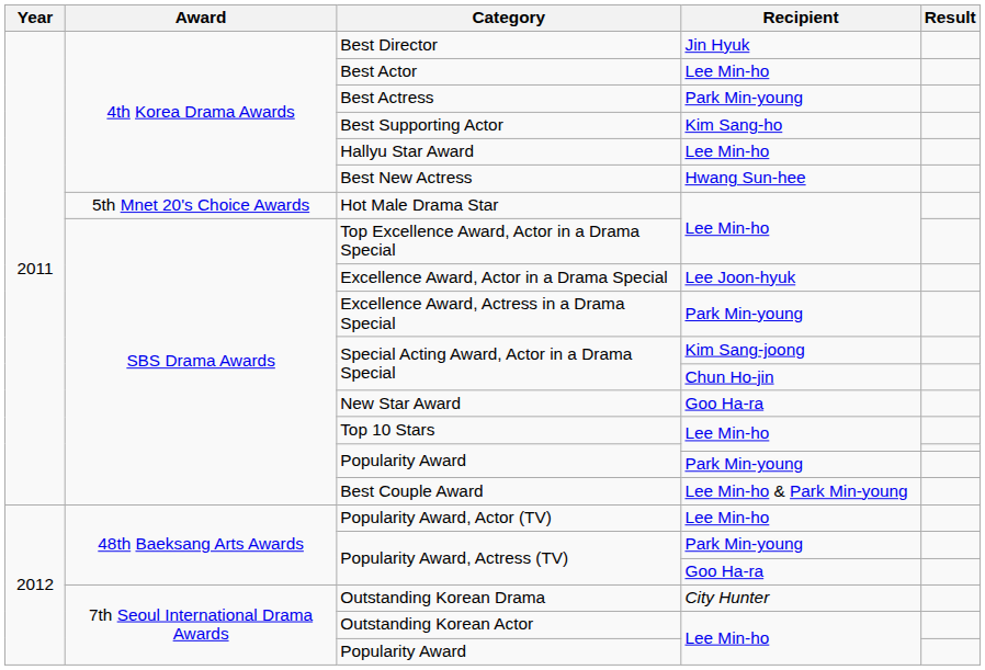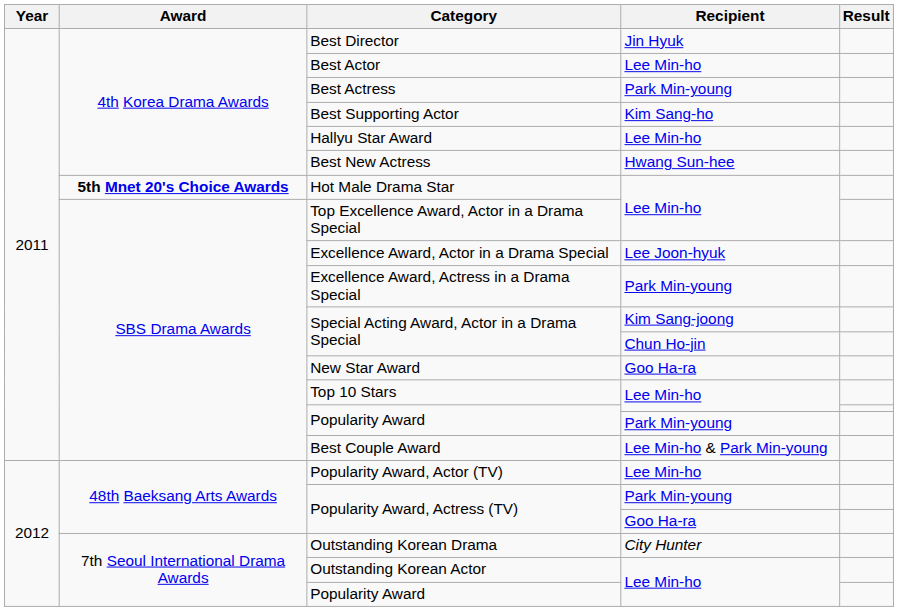 <table class="wikitable">
 <tr>
 <th style="width:50px;">Year</th>
 <th style="width:250px;">Award</th>
 <th style="width:320px;">Category</th>
 <th style="width:220px;">Recipient</th>
 <th>Result</th>
 </tr>
 <tr>
 <td rowspan="17" style="text-align:center">2011</td>
 <td rowspan="6" style="text-align:center"><a href='#'>4th</a> <a href='#'>Korea Drama Awards</a></td>
 <td>Best Director</td>
 <td><a href='#'>Jin Hyuk</a></td>
 <td></td>
 </tr>
 <tr>
 <td>Best Actor</td>
 <td><a href='#'>Lee Min-ho</a></td>
 <td></td>
 </tr>
 <tr>
 <td>Best Actress</td>
 <td><a href='#'>Park Min-young</a></td>
 <td></td>
 </tr>
 <tr>
 <td>Best Supporting Actor</td>
 <td><a href='#'>Kim Sang-ho</a></td>
 <td></td>
 </tr>
 <tr>
 <td>Hallyu Star Award</td>
 <td><a href='#'>Lee Min-ho</a></td>
 <td></td>
 </tr>
 <tr>
 <td>Best New Actress</td>
 <td><a href='#'>Hwang Sun-hee</a></td>
 <td></td>
 </tr>
 <tr>
-<td style="text-align:center">5th <a href='#'>Mnet 20's Choice Awards</a></td>
+<td style="text-align:center"><strong>5th <a href='#'>Mnet 20's Choice Awards</a></strong></td>
 <td>Hot Male Drama Star</td>
 <td rowspan="2"><a href='#'>Lee Min-ho</a></td>
 <td></td>
 </tr>
 <tr>
 <td rowspan="10" style="text-align:center"><a href='#'>SBS Drama Awards</a></td>
 <td>Top Excellence Award, Actor in a Drama Special</td>
 <td></td>
 </tr>
 <tr>
 <td>Excellence Award, Actor in a Drama Special</td>
 <td><a href='#'>Lee Joon-hyuk</a></td>
 <td></td>
 </tr>
 <tr>
 <td>Excellence Award, Actress in a Drama Special</td>
 <td><a href='#'>Park Min-young</a></td>
 <td></td>
 </tr>
 <tr>
 <td rowspan="2">Special Acting Award, Actor in a Drama Special</td>
 <td><a href='#'>Kim Sang-joong</a></td>
 <td></td>
 </tr>
 <tr>
 <td><a href='#'>Chun Ho-jin</a></td>
 <td></td>
 </tr>
 <tr>
 <td>New Star Award</td>
 <td><a href='#'>Goo Ha-ra</a></td>
 <td></td>
 </tr>
 <tr>
 <td>Top 10 Stars</td>
 <td rowspan="2"><a href='#'>Lee Min-ho</a></td>
 <td></td>
 </tr>
 <tr>
 <td rowspan="2">Popularity Award</td>
 <td></td>
 </tr>
 <tr>
 <td><a href='#'>Park Min-young</a></td>
 <td></td>
 </tr>
 <tr>
 <td>Best Couple Award</td>
 <td><a href='#'>Lee Min-ho</a> & <a href='#'>Park Min-young</a></td>
 <td></td>
 </tr>
 <tr>
 <td rowspan="6" style="text-align:center">2012</td>
 <td rowspan="3" style="text-align:center"><a href='#'>48th</a> <a href='#'>Baeksang Arts Awards</a></td>
 <td>Popularity Award, Actor (TV)</td>
 <td><a href='#'>Lee Min-ho</a></td>
 <td></td>
 </tr>
 <tr>
 <td rowspan="2">Popularity Award, Actress (TV)</td>
 <td><a href='#'>Park Min-young</a></td>
 <td></td>
 </tr>
 <tr>
 <td><a href='#'>Goo Ha-ra</a></td>
 <td></td>
 </tr>
 <tr>
 <td rowspan="3" style="text-align:center">7th <a href='#'>Seoul International Drama Awards</a></td>
 <td>Outstanding Korean Drama</td>
 <td><em>City Hunter</em></td>
 <td></td>
 </tr>
 <tr>
 <td>Outstanding Korean Actor</td>
 <td rowspan="2"><a href='#'>Lee Min-ho</a></td>
 <td></td>
 </tr>
 <tr>
 <td>Popularity Award</td>
 <td></td>
 </tr>
 </table>
